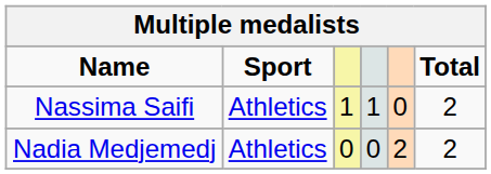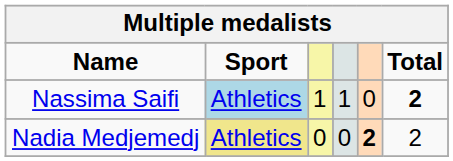 <table class="wikitable" style="font-size:85%; float:right;">
 <tr style="background:#efefef;">
 <th colspan=7>Multiple medalists</th>
 </tr>
 <tr align=center>
 <td><strong>Name</strong></td>
 <td><strong>Sport</strong></td>
 <td style="background:#f7f6a8;"></td>
 <td style="background:#dce5e5;"></td>
 <td style="background:#ffdab9;"></td>
 <td><strong>Total</strong></td>
 </tr>
 <tr align=center>
 <td><a href='#'>Nassima Saifi</a></td>
-<td><a href='#'>Athletics</a></td>
+<td style="background: lightblue;"><a href='#'>Athletics</a></td>
 <td style="background:#f7f6a8;">1</td>
 <td style="background:#dce5e5;">1</td>
 <td style="background:#ffdab9;">0</td>
-<td>2</td>
+<td><strong>2</strong></td>
 </tr>
 <tr align=center>
 <td><a href='#'>Nadia Medjemedj</a></td>
-<td><a href='#'>Athletics</a></td>
+<td style="background: khaki;"><a href='#'>Athletics</a></td>
 <td style="background:#f7f6a8;">0</td>
 <td style="background:#dce5e5;">0</td>
-<td style="background:#ffdab9;">2</td>
+<td style="background:#ffdab9;"><strong>2</strong></td>
 <td>2</td>
 </tr>
 </table>
